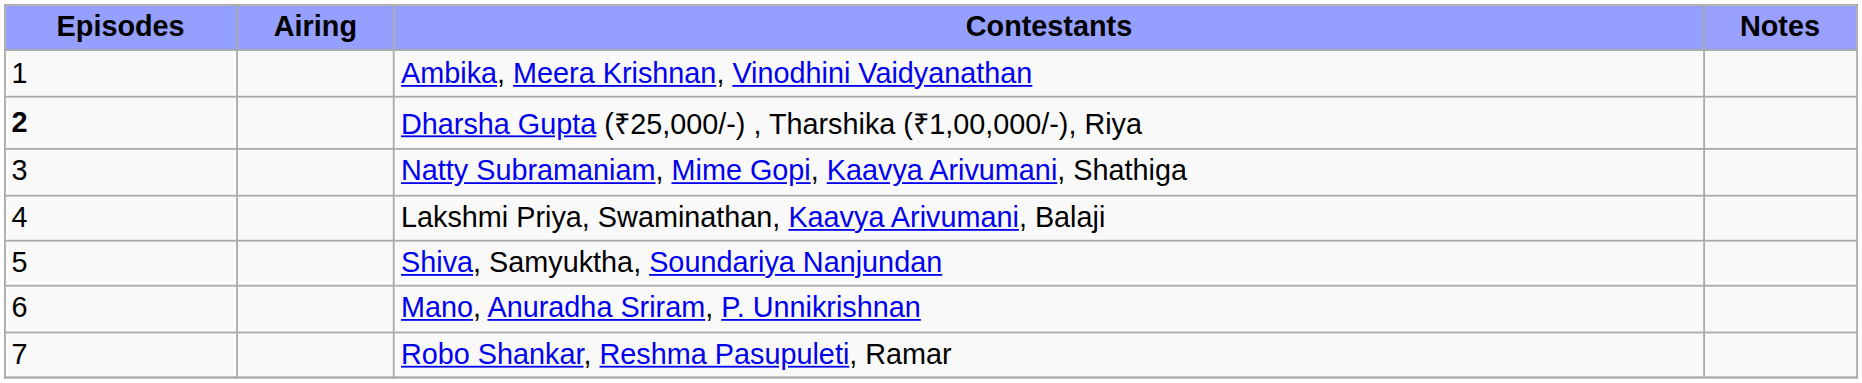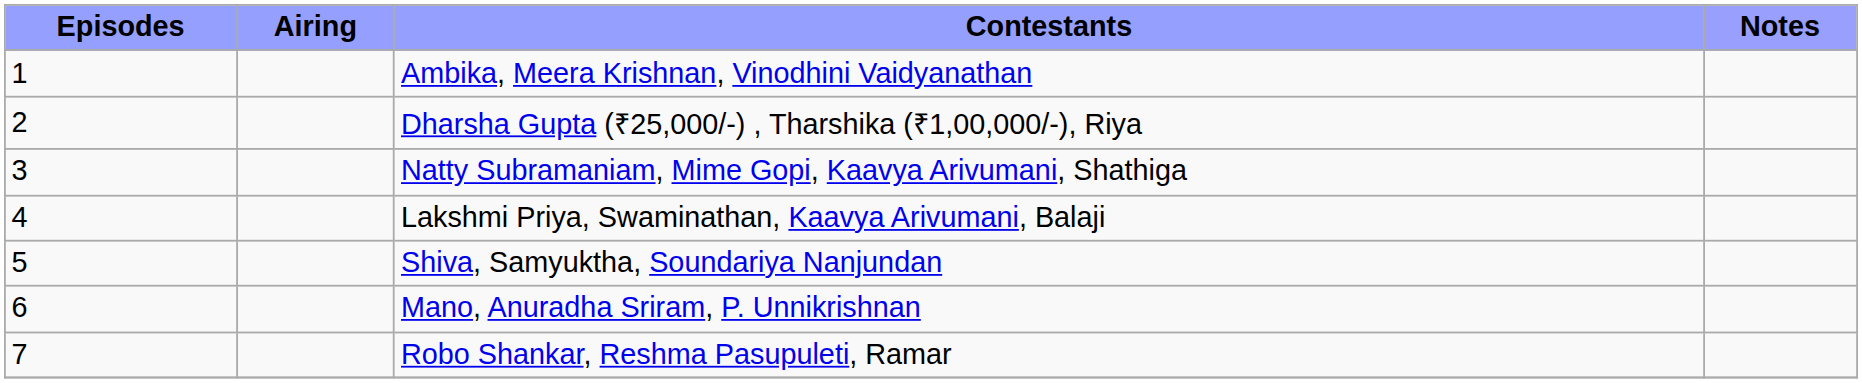 <table class="wikitable" width="65%">
 <tr>
 <th scope="col" style ="background: #959FFD ;color:Black">Episodes</th>
 <th scope="col" style ="background: #959FFD ;color:Black">Airing</th>
 <th scope="col" style ="background: #959FFD ;color:Black">Contestants</th>
 <th scope="col" style ="background: #999FFD ;color:Black">Notes</th>
 </tr>
 <tr>
 <td>1</td>
 <td></td>
 <td><a href='#'>Ambika</a>, <a href='#'>Meera Krishnan</a>, <a href='#'>Vinodhini Vaidyanathan</a></td>
 <td></td>
 </tr>
 <tr>
-<td><strong>2</strong></td>
+<td>2</td>
 <td></td>
 <td><a href='#'>Dharsha Gupta</a> (₹25,000/-) , Tharshika (₹1,00,000/-), Riya</td>
 <td></td>
 </tr>
 <tr>
 <td>3</td>
 <td></td>
 <td><a href='#'>Natty Subramaniam</a>, <a href='#'>Mime Gopi</a>, <a href='#'>Kaavya Arivumani</a>, Shathiga</td>
 <td></td>
 </tr>
 <tr>
 <td>4</td>
 <td></td>
 <td>Lakshmi Priya, Swaminathan, <a href='#'>Kaavya Arivumani</a>, Balaji</td>
 <td></td>
 </tr>
 <tr>
 <td>5</td>
 <td></td>
 <td><a href='#'>Shiva</a>, Samyuktha, <a href='#'>Soundariya Nanjundan</a></td>
 <td></td>
 </tr>
 <tr>
 <td>6</td>
 <td></td>
 <td><a href='#'>Mano</a>, <a href='#'>Anuradha Sriram</a>, <a href='#'>P. Unnikrishnan</a></td>
 <td></td>
 </tr>
 <tr>
 <td>7</td>
 <td></td>
 <td><a href='#'>Robo Shankar</a>, <a href='#'>Reshma Pasupuleti</a>, Ramar</td>
 <td></td>
 </tr>
 <tr>
 </tr>
 </table>
